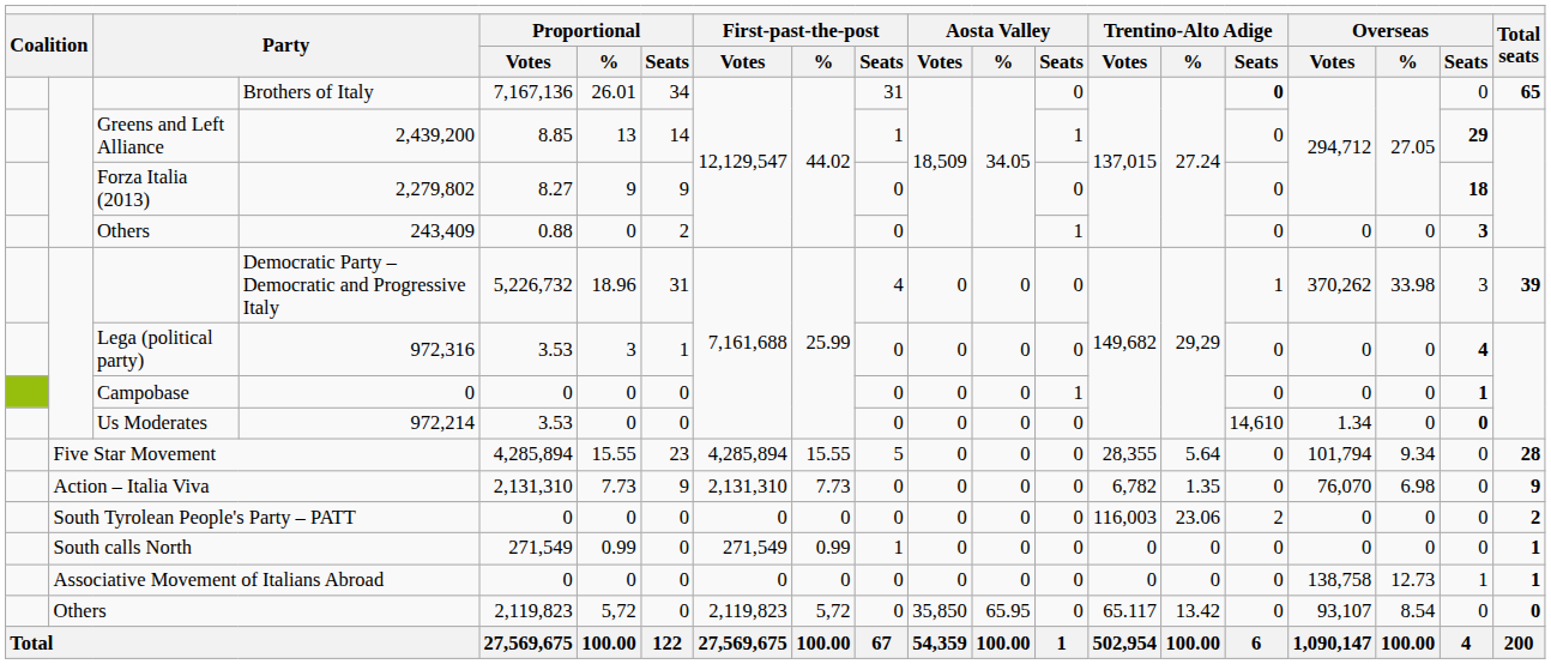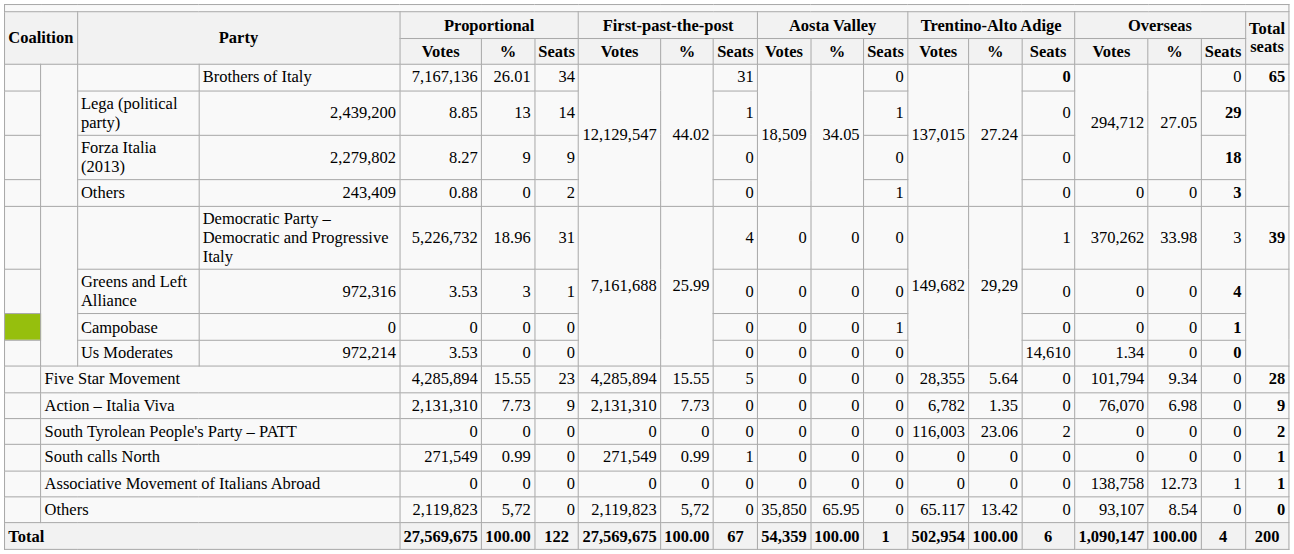 <table class="wikitable" style="text-align:right">
 <tr>
 <td colspan="21" style="text-align:center"></td>
 </tr>
 <tr>
 <th colspan="2" rowspan="2">Coalition</th>
 <th colspan=2 rowspan=2>Party</th>
 <th colspan="3" style="text-align:center; vertical-align:top;">Proportional</th>
 <th colspan="3" style="text-align:center; vertical-align:top;">First-past-the-post</th>
 <th colspan="3" style="text-align:center; vertical-align:top;">Aosta Valley</th>
 <th colspan="3" style="text-align:center; vertical-align:top;">Trentino-Alto Adige</th>
 <th colspan="3" style="text-align:center; vertical-align:top;">Overseas</th>
 <th style="text-align:center;" rowspan="2">Total<br>seats</th>
 </tr>
 <tr>
 <th style="text-align:center; vertical-align:bottom;">Votes</th>
 <th style="text-align:center; vertical-align:bottom;">%</th>
 <th style="text-align:center; vertical-align:bottom;">Seats</th>
 <th style="text-align:center; vertical-align:bottom;">Votes</th>
 <th style="text-align:center; vertical-align:bottom;">%</th>
 <th style="text-align:center; vertical-align:bottom;">Seats</th>
 <th style="text-align:center; vertical-align:bottom;">Votes</th>
 <th style="text-align:center; vertical-align:bottom;">%</th>
 <th style="text-align:center; vertical-align:bottom;">Seats</th>
 <th style="text-align:center; vertical-align:bottom;">Votes</th>
 <th style="text-align:center; vertical-align:bottom;">%</th>
 <th style="text-align:center; vertical-align:bottom;">Seats</th>
 <th style="text-align:center; vertical-align:bottom;">Votes</th>
 <th style="text-align:center; vertical-align:bottom;">%</th>
 <th style="text-align:center; vertical-align:bottom;">Seats</th>
 </tr>
 <tr>
 <td style="color:inherit;background:"></td>
 <td style="text-align:left;" rowspan="4"></td>
 <td style="color:inherit;background:"></td>
 <td align=left>Brothers of Italy</td>
 <td>7,167,136</td>
 <td>26.01</td>
 <td>34</td>
 <td rowspan="4">12,129,547</td>
 <td rowspan="4">44.02</td>
 <td>31</td>
 <td rowspan="4">18,509</td>
 <td rowspan="4">34.05</td>
 <td>0</td>
 <td rowspan="4">137,015</td>
 <td rowspan="4">27.24</td>
 <td><strong>0</strong></td>
 <td rowspan="3">294,712</td>
 <td rowspan="3">27.05</td>
 <td>0</td>
 <td><strong>65</strong></td>
 </tr>
 <tr>
 <td style="color:inherit;background:"></td>
-<td style="text-align:left;">Greens and Left Alliance</td>
+<td align=left>Lega (political party)</td>
 <td>2,439,200</td>
 <td>8.85</td>
 <td>13</td>
 <td>14</td>
 <td>1</td>
 <td>1</td>
 <td>0</td>
 <td><strong>29</strong></td>
 </tr>
 <tr>
 <td style="color:inherit;background:"></td>
 <td align=left>Forza Italia (2013)</td>
 <td>2,279,802</td>
 <td>8.27</td>
 <td>9</td>
 <td>9</td>
 <td>0</td>
 <td>0</td>
 <td>0</td>
 <td><strong>18</strong></td>
 </tr>
 <tr>
 <td style="color:inherit;background:"></td>
 <td align=left>Others</td>
 <td>243,409</td>
 <td>0.88</td>
 <td>0</td>
 <td>2</td>
 <td>0</td>
 <td>1</td>
 <td>0</td>
 <td>0</td>
 <td>0</td>
 <td><strong>3</strong></td>
 </tr>
 <tr>
 <td style="color:inherit;background:"></td>
 <td rowspan=4 style="text-align:left;"></td>
 <td style="color:inherit;background:"></td>
 <td style="text-align:left;">Democratic Party – Democratic and Progressive Italy</td>
 <td>5,226,732</td>
 <td>18.96</td>
 <td>31</td>
 <td rowspan="4">7,161,688</td>
 <td rowspan="4">25.99</td>
 <td>4</td>
 <td>0</td>
 <td>0</td>
 <td>0</td>
 <td rowspan="4">149,682</td>
 <td rowspan="4">29,29</td>
 <td>1</td>
 <td>370,262</td>
 <td>33.98</td>
 <td>3</td>
 <td><strong>39</strong></td>
 </tr>
 <tr>
 <td style="color:inherit;background:"></td>
-<td align=left>Lega (political party)</td>
+<td style="text-align:left;">Greens and Left Alliance</td>
 <td>972,316</td>
 <td>3.53</td>
 <td>3</td>
 <td>1</td>
 <td>0</td>
 <td>0</td>
 <td>0</td>
 <td>0</td>
 <td>0</td>
 <td>0</td>
 <td>0</td>
 <td><strong>4</strong></td>
 </tr>
 <tr>
 <td style="color:inherit;background:#96bf0d;"></td>
 <td align=left>Campobase</td>
 <td>0</td>
 <td>0</td>
 <td>0</td>
 <td>0</td>
 <td>0</td>
 <td>0</td>
 <td>0</td>
 <td>1</td>
 <td>0</td>
 <td>0</td>
 <td>0</td>
 <td><strong>1</strong></td>
 </tr>
 <tr>
 <td style="color:inherit;background:"></td>
 <td align=left>Us Moderates</td>
 <td>972,214</td>
 <td>3.53</td>
 <td>0</td>
 <td>0</td>
 <td>0</td>
 <td>0</td>
 <td>0</td>
 <td>0</td>
 <td>14,610</td>
 <td>1.34</td>
 <td>0</td>
 <td><strong>0</strong></td>
 </tr>
 <tr>
 <td style="color:inherit;background:"></td>
 <td colspan="3" style="text-align:left;">Five Star Movement</td>
 <td>4,285,894</td>
 <td>15.55</td>
 <td>23</td>
 <td>4,285,894</td>
 <td>15.55</td>
 <td>5</td>
 <td>0</td>
 <td>0</td>
 <td>0</td>
 <td>28,355</td>
 <td>5.64</td>
 <td>0</td>
 <td>101,794</td>
 <td>9.34</td>
 <td>0</td>
 <td><strong>28</strong></td>
 </tr>
 <tr>
 <td style="color:inherit;background:"></td>
 <td colspan="3" style="text-align:left;">Action – Italia Viva</td>
 <td>2,131,310</td>
 <td>7.73</td>
 <td>9</td>
 <td>2,131,310</td>
 <td>7.73</td>
 <td>0</td>
 <td>0</td>
 <td>0</td>
 <td>0</td>
 <td>6,782</td>
 <td>1.35</td>
 <td>0</td>
 <td>76,070</td>
 <td>6.98</td>
 <td>0</td>
 <td><strong>9</strong></td>
 </tr>
 <tr>
 <td style="color:inherit;background:"></td>
 <td colspan="3" style="text-align:left;">South Tyrolean People's Party – PATT</td>
 <td>0</td>
 <td>0</td>
 <td>0</td>
 <td>0</td>
 <td>0</td>
 <td>0</td>
 <td>0</td>
 <td>0</td>
 <td>0</td>
 <td>116,003</td>
 <td>23.06</td>
 <td>2</td>
 <td>0</td>
 <td>0</td>
 <td>0</td>
 <td><strong>2</strong></td>
 </tr>
 <tr>
 <td style="color:inherit;background:"></td>
 <td colspan="3" style="text-align:left;">South calls North</td>
 <td>271,549</td>
 <td>0.99</td>
 <td>0</td>
 <td>271,549</td>
 <td>0.99</td>
 <td>1</td>
 <td>0</td>
 <td>0</td>
 <td>0</td>
 <td>0</td>
 <td>0</td>
 <td>0</td>
 <td>0</td>
 <td>0</td>
 <td>0</td>
 <td><strong>1</strong></td>
 </tr>
 <tr>
 <td style="color:inherit;background:"></td>
 <td colspan="3" style="text-align:left;">Associative Movement of Italians Abroad</td>
 <td>0</td>
 <td>0</td>
 <td>0</td>
 <td>0</td>
 <td>0</td>
 <td>0</td>
 <td>0</td>
 <td>0</td>
 <td>0</td>
 <td>0</td>
 <td>0</td>
 <td>0</td>
 <td>138,758</td>
 <td>12.73</td>
 <td>1</td>
 <td><strong>1</strong></td>
 </tr>
 <tr>
 <td style="color:inherit;background:"></td>
 <td colspan="3" style="text-align:left;">Others</td>
 <td>2,119,823</td>
 <td>5,72</td>
 <td>0</td>
 <td>2,119,823</td>
 <td>5,72</td>
 <td>0</td>
 <td>35,850</td>
 <td>65.95</td>
 <td>0</td>
 <td>65.117</td>
 <td>13.42</td>
 <td>0</td>
 <td>93,107</td>
 <td>8.54</td>
 <td>0</td>
 <td><strong>0</strong></td>
 </tr>
 <tr>
 <th colspan="4" style="text-align:left;">Total</th>
 <th>27,569,675</th>
 <th>100.00</th>
 <th>122</th>
 <th>27,569,675</th>
 <th>100.00</th>
 <th>67</th>
 <th>54,359</th>
 <th>100.00</th>
 <th>1</th>
 <th>502,954</th>
 <th>100.00</th>
 <th>6</th>
 <th>1,090,147</th>
 <th>100.00</th>
 <th>4</th>
 <th>200</th>
 </tr>
 </table>
